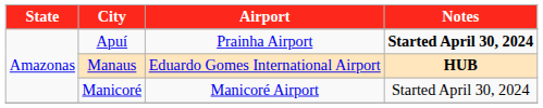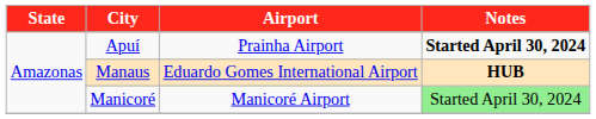 <table Class="wikitable" style= "text-align:center; margin: 1em auto;">
 <tr>
 <th style="background:#fd281b; color:white;">State</th>
 <th style="background:#fd281b; color:white;">City</th>
 <th style="background:#fd281b; color:white;">Airport</th>
 <th style="background:#fd281b; color:white;">Notes</th>
 </tr>
 <tr>
 <td rowspan=4><div><a href='#'>Amazonas</a></div></td>
 </tr>
 <tr>
 <td><a href='#'>Apuí</a></td>
 <td><a href='#'>Prainha Airport</a></td>
 <td><strong>Started April 30, 2024</strong></td>
 </tr>
 <tr style="background-color:#FFE6BD">
 <td><a href='#'>Manaus</a></td>
 <td><a href='#'>Eduardo Gomes International Airport</a></td>
 <td><strong>HUB</strong></td>
 </tr>
 <tr>
 <td><a href='#'>Manicoré</a></td>
 <td><a href='#'>Manicoré Airport</a></td>
-<td>Started April 30, 2024</td>
+<td style="background: lightgreen;">Started April 30, 2024</td>
 </tr>
 <tr>
 </tr>
 </table>
